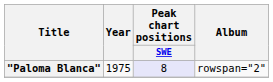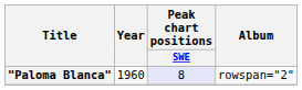 <table class="wikitable plainrowheaders" style="text-align:center;">
 <tr>
 <th scope="col" rowspan="2">Title</th>
 <th scope="col" rowspan="2">Year</th>
 <th scope="col" colspan="1">Peak chart positions</th>
 <th scope="col" rowspan="2">Album</th>
 </tr>
 <tr>
 <th scope="col" style="width:3em;font-size:85%;"><a href='#'>SWE</a></th>
 </tr>
 <tr>
 <th scope="row">"Paloma Blanca"</th>
-<td>1975</td>
+<td>1960</td>
 <td style="background: lavender;">8</td>
 <td>rowspan="2" </td>
 </tr>
 <tr>
 </tr>
 </table>
